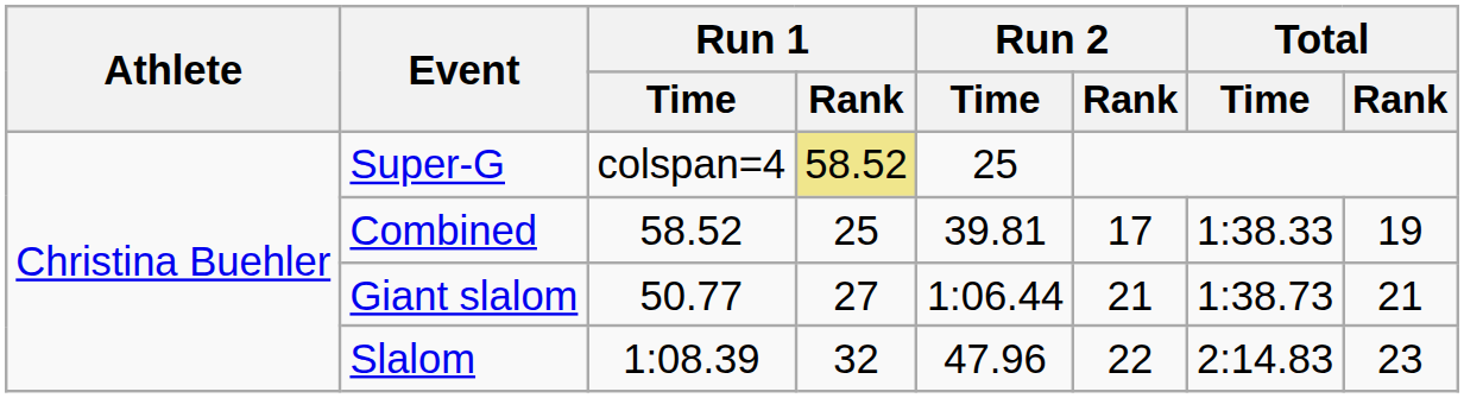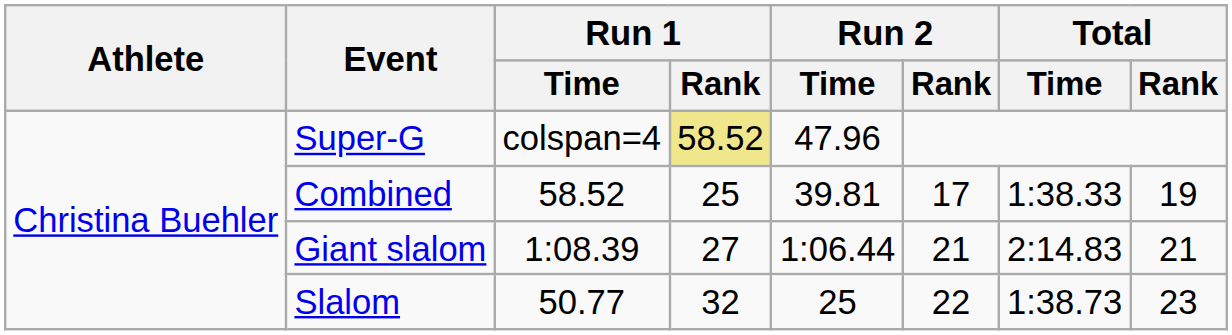 <table class="wikitable" style="font-size:90%">
 <tr>
 <th rowspan=2>Athlete</th>
 <th rowspan=2>Event</th>
 <th colspan=2>Run 1</th>
 <th colspan=2>Run 2</th>
 <th colspan=2>Total</th>
 </tr>
 <tr style="font-size:95%">
 <th>Time</th>
 <th>Rank</th>
 <th>Time</th>
 <th>Rank</th>
 <th>Time</th>
 <th>Rank</th>
 </tr>
 <tr align=center>
 <td align="left" rowspan="4"><a href='#'>Christina Buehler</a></td>
 <td align="left"><a href='#'>Super-G</a></td>
 <td>colspan=4</td>
 <td style="background: khaki;">58.52</td>
-<td>25</td>
+<td>47.96</td>
 </tr>
 <tr align=center>
 <td align="left"><a href='#'>Combined</a></td>
 <td>58.52</td>
 <td>25</td>
 <td>39.81</td>
 <td>17</td>
 <td>1:38.33</td>
 <td>19</td>
 </tr>
 <tr align=center>
 <td align="left"><a href='#'>Giant slalom</a></td>
-<td>50.77</td>
+<td>1:08.39</td>
 <td>27</td>
 <td>1:06.44</td>
 <td>21</td>
-<td>1:38.73</td>
+<td>2:14.83</td>
 <td>21</td>
 </tr>
 <tr align=center>
 <td align="left"><a href='#'>Slalom</a></td>
-<td>1:08.39</td>
+<td>50.77</td>
 <td>32</td>
-<td>47.96</td>
+<td>25</td>
 <td>22</td>
-<td>2:14.83</td>
+<td>1:38.73</td>
 <td>23</td>
 </tr>
 </table>
